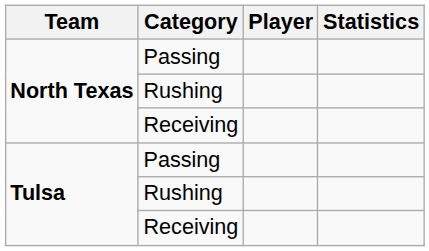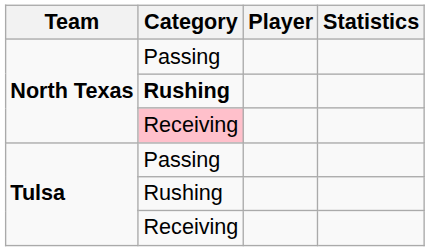 <table class="wikitable" style="float: right;">
 <tr>
 <th>Team</th>
 <th>Category</th>
 <th>Player</th>
 <th>Statistics</th>
 </tr>
 <tr>
 <td rowspan=3><strong>North Texas</strong></td>
 <td>Passing</td>
 <td></td>
 <td></td>
 </tr>
 <tr>
-<td>Rushing</td>
+<td><strong>Rushing</strong></td>
 <td></td>
 <td></td>
 </tr>
 <tr>
-<td>Receiving</td>
+<td style="background: pink;">Receiving</td>
 <td></td>
 <td></td>
 </tr>
 <tr>
 <td rowspan=3><strong>Tulsa</strong></td>
 <td>Passing</td>
 <td></td>
 <td></td>
 </tr>
 <tr>
 <td>Rushing</td>
 <td></td>
 <td></td>
 </tr>
 <tr>
 <td>Receiving</td>
 <td></td>
 <td></td>
 </tr>
 </table>
